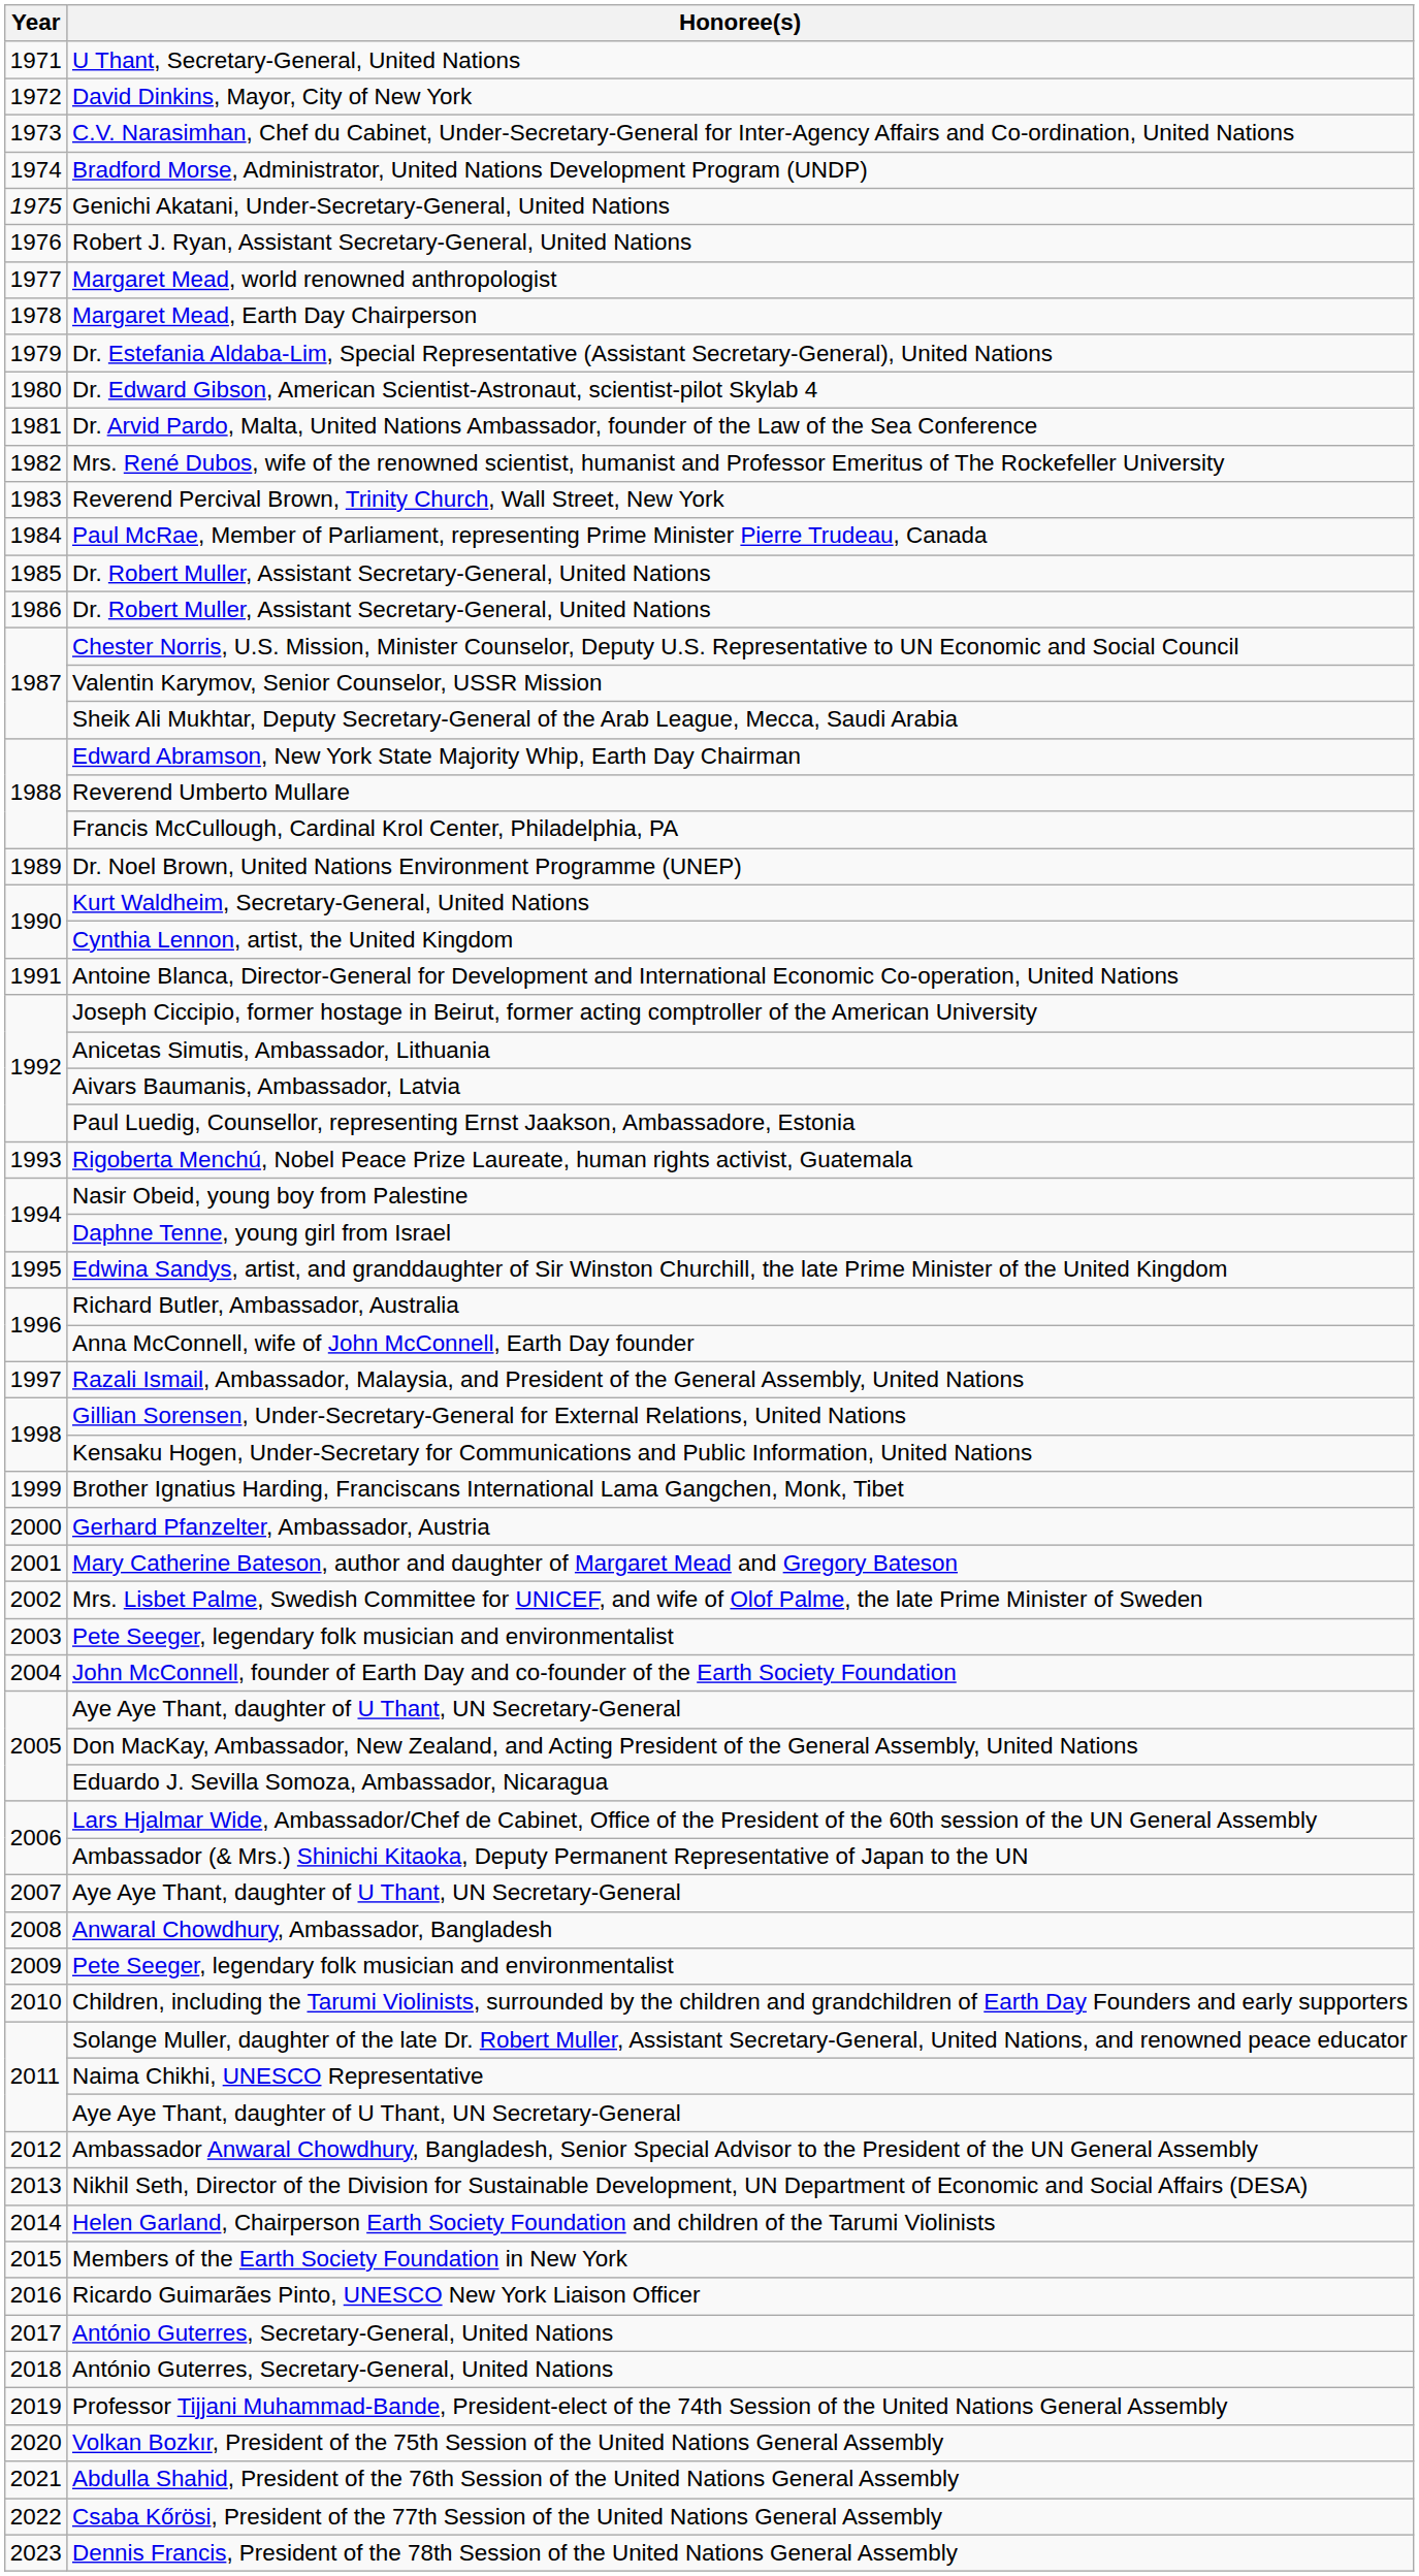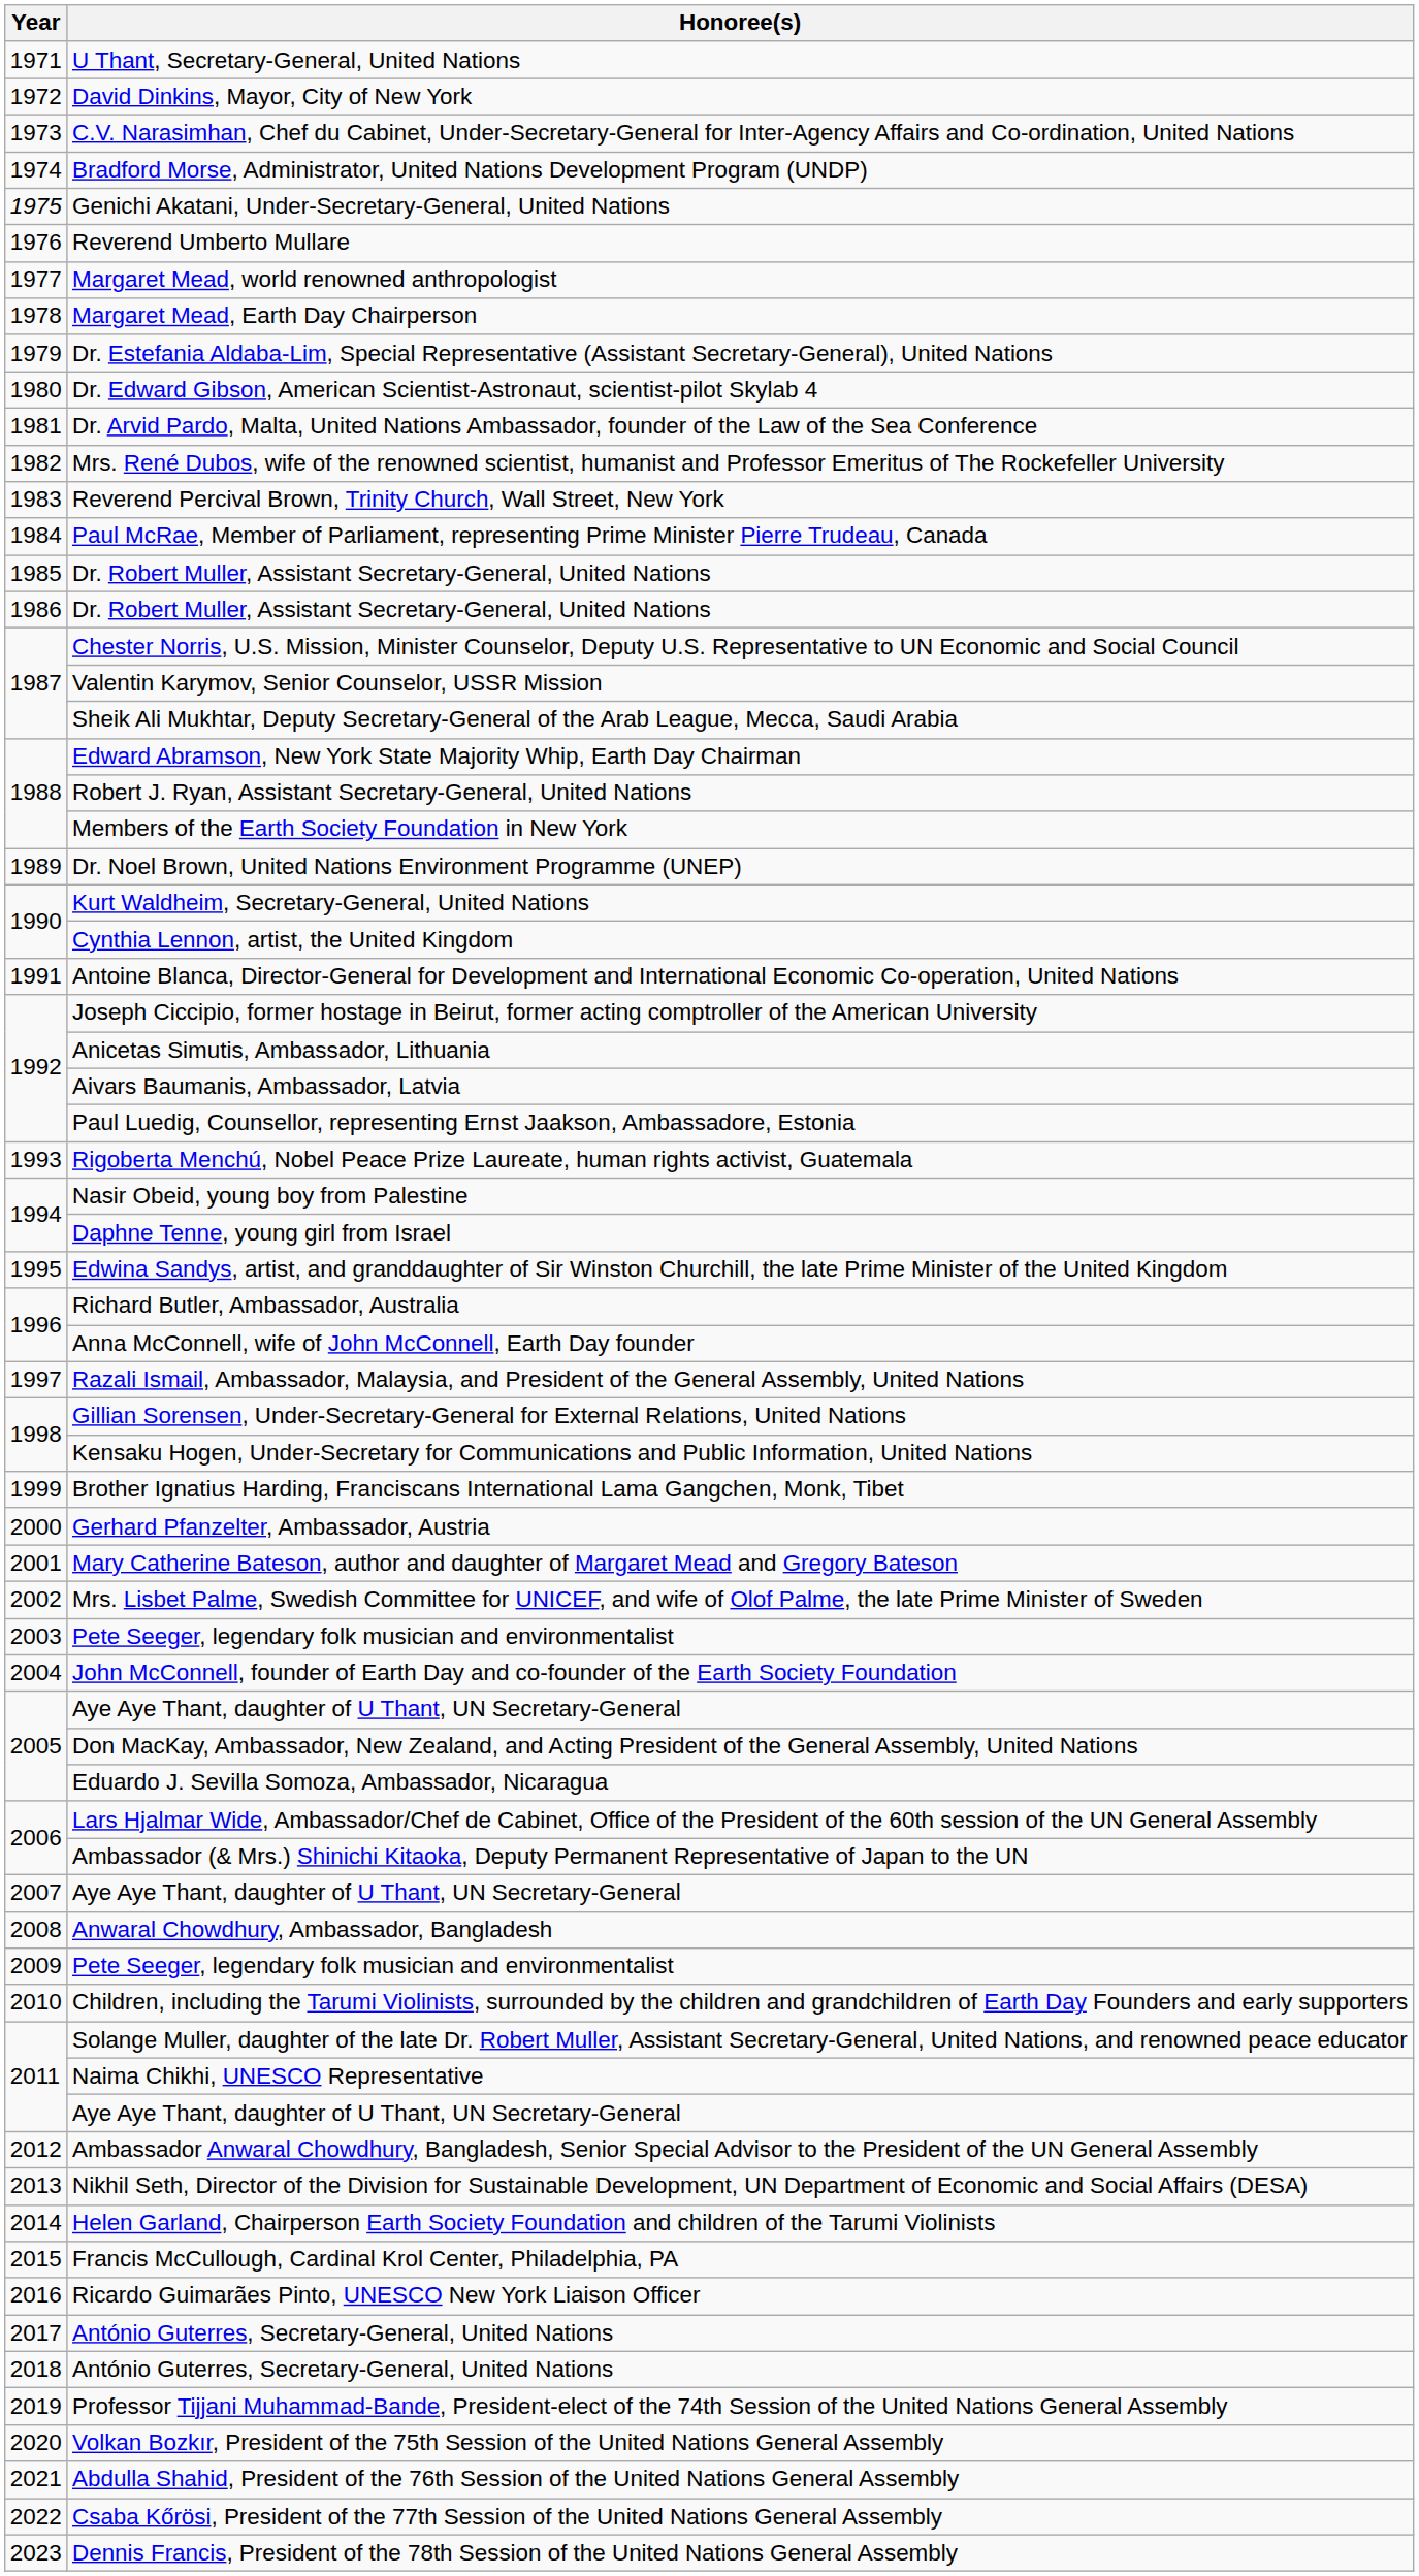 <table class="wikitable">
 <tr>
 <th>Year</th>
 <th>Honoree(s)</th>
 </tr>
 <tr>
 <td>1971</td>
 <td><a href='#'>U Thant</a>, Secretary-General, United Nations</td>
 </tr>
 <tr>
 <td>1972</td>
 <td><a href='#'>David Dinkins</a>, Mayor, City of New York</td>
 </tr>
 <tr>
 <td>1973</td>
 <td><a href='#'>C.V. Narasimhan</a>, Chef du Cabinet, Under-Secretary-General for Inter-Agency Affairs and Co-ordination, United Nations</td>
 </tr>
 <tr>
 <td>1974</td>
 <td><a href='#'>Bradford Morse</a>, Administrator, United Nations Development Program (UNDP)</td>
 </tr>
 <tr>
 <td><em>1975</em></td>
 <td>Genichi Akatani, Under-Secretary-General, United Nations</td>
 </tr>
 <tr>
 <td>1976</td>
-<td>Robert J. Ryan, Assistant Secretary-General, United Nations</td>
+<td>Reverend Umberto Mullare</td>
 </tr>
 <tr>
 <td>1977</td>
 <td><a href='#'>Margaret Mead</a>, world renowned anthropologist</td>
 </tr>
 <tr>
 <td>1978</td>
 <td><a href='#'>Margaret Mead</a>, Earth Day Chairperson</td>
 </tr>
 <tr>
 <td>1979</td>
 <td>Dr. <a href='#'>Estefania Aldaba-Lim</a>, Special Representative (Assistant Secretary-General), United Nations</td>
 </tr>
 <tr>
 <td>1980</td>
 <td>Dr. <a href='#'>Edward Gibson</a>, American Scientist-Astronaut, scientist-pilot Skylab 4</td>
 </tr>
 <tr>
 <td>1981</td>
 <td>Dr. <a href='#'>Arvid Pardo</a>, Malta, United Nations Ambassador, founder of the Law of the Sea Conference</td>
 </tr>
 <tr>
 <td>1982</td>
 <td>Mrs. <a href='#'>René Dubos</a>, wife of the renowned scientist, humanist and Professor Emeritus of The Rockefeller University</td>
 </tr>
 <tr>
 <td>1983</td>
 <td>Reverend Percival Brown, <a href='#'>Trinity Church</a>, Wall Street, New York</td>
 </tr>
 <tr>
 <td>1984</td>
 <td><a href='#'>Paul McRae</a>, Member of Parliament, representing Prime Minister <a href='#'>Pierre Trudeau</a>, Canada</td>
 </tr>
 <tr>
 <td>1985</td>
 <td>Dr. <a href='#'>Robert Muller</a>, Assistant Secretary-General, United Nations</td>
 </tr>
 <tr>
 <td>1986</td>
 <td>Dr. <a href='#'>Robert Muller</a>, Assistant Secretary-General, United Nations</td>
 </tr>
 <tr>
 <td rowspan="3">1987</td>
 <td><a href='#'>Chester Norris</a>, U.S. Mission, Minister Counselor, Deputy U.S. Representative to UN Economic and Social Council</td>
 </tr>
 <tr>
 <td>Valentin Karymov, Senior Counselor, USSR Mission</td>
 </tr>
 <tr>
 <td>Sheik Ali Mukhtar, Deputy Secretary-General of the Arab League, Mecca, Saudi Arabia</td>
 </tr>
 <tr>
 <td rowspan="3">1988</td>
 <td><a href='#'>Edward Abramson</a>, New York State Majority Whip, Earth Day Chairman</td>
 </tr>
 <tr>
-<td>Reverend Umberto Mullare</td>
+<td>Robert J. Ryan, Assistant Secretary-General, United Nations</td>
 </tr>
 <tr>
-<td>Francis McCullough, Cardinal Krol Center, Philadelphia, PA</td>
+<td>Members of the <a href='#'>Earth Society Foundation</a> in New York</td>
 </tr>
 <tr>
 <td>1989</td>
 <td>Dr. Noel Brown, United Nations Environment Programme (UNEP)</td>
 </tr>
 <tr>
 <td rowspan="2">1990</td>
 <td><a href='#'>Kurt Waldheim</a>, Secretary-General, United Nations</td>
 </tr>
 <tr>
 <td><a href='#'>Cynthia Lennon</a>, artist, the United Kingdom</td>
 </tr>
 <tr>
 <td>1991</td>
 <td>Antoine Blanca, Director-General for Development and International Economic Co-operation, United Nations</td>
 </tr>
 <tr>
 <td rowspan="4">1992</td>
 <td>Joseph Ciccipio, former hostage in Beirut, former acting comptroller of the American University</td>
 </tr>
 <tr>
 <td>Anicetas Simutis, Ambassador, Lithuania</td>
 </tr>
 <tr>
 <td>Aivars Baumanis, Ambassador, Latvia</td>
 </tr>
 <tr>
 <td>Paul Luedig, Counsellor, representing Ernst Jaakson, Ambassadore, Estonia</td>
 </tr>
 <tr>
 <td>1993</td>
 <td><a href='#'>Rigoberta Menchú</a>, Nobel Peace Prize Laureate, human rights activist, Guatemala</td>
 </tr>
 <tr>
 <td rowspan="2">1994</td>
 <td>Nasir Obeid, young boy from Palestine</td>
 </tr>
 <tr>
 <td><a href='#'>Daphne Tenne</a>, young girl from Israel</td>
 </tr>
 <tr>
 <td>1995</td>
 <td><a href='#'>Edwina Sandys</a>, artist, and granddaughter of Sir Winston Churchill, the late Prime Minister of the United Kingdom</td>
 </tr>
 <tr>
 <td rowspan="2">1996</td>
 <td>Richard Butler, Ambassador, Australia</td>
 </tr>
 <tr>
 <td>Anna McConnell, wife of <a href='#'>John McConnell</a>, Earth Day founder</td>
 </tr>
 <tr>
 <td>1997</td>
 <td><a href='#'>Razali Ismail</a>, Ambassador, Malaysia, and President of the General Assembly, United Nations</td>
 </tr>
 <tr>
 <td rowspan="2">1998</td>
 <td><a href='#'>Gillian Sorensen</a>, Under-Secretary-General for External Relations, United Nations</td>
 </tr>
 <tr>
 <td>Kensaku Hogen, Under-Secretary for Communications and Public Information, United Nations</td>
 </tr>
 <tr>
 <td>1999</td>
 <td>Brother Ignatius Harding, Franciscans International Lama Gangchen, Monk, Tibet</td>
 </tr>
 <tr>
 <td>2000</td>
 <td><a href='#'>Gerhard Pfanzelter</a>, Ambassador, Austria</td>
 </tr>
 <tr>
 <td>2001</td>
 <td><a href='#'>Mary Catherine Bateson</a>, author and daughter of <a href='#'>Margaret Mead</a> and <a href='#'>Gregory Bateson</a></td>
 </tr>
 <tr>
 <td>2002</td>
 <td>Mrs. <a href='#'>Lisbet Palme</a>, Swedish Committee for <a href='#'>UNICEF</a>, and wife of <a href='#'>Olof Palme</a>, the late Prime Minister of Sweden</td>
 </tr>
 <tr>
 <td>2003</td>
 <td><a href='#'>Pete Seeger</a>, legendary folk musician and environmentalist</td>
 </tr>
 <tr>
 <td>2004</td>
 <td><a href='#'>John McConnell</a>, founder of Earth Day and co-founder of the <a href='#'>Earth Society Foundation</a></td>
 </tr>
 <tr>
 <td rowspan="3">2005</td>
 <td>Aye Aye Thant, daughter of <a href='#'>U Thant</a>, UN Secretary-General</td>
 </tr>
 <tr>
 <td>Don MacKay, Ambassador, New Zealand, and Acting President of the General Assembly, United Nations</td>
 </tr>
 <tr>
 <td>Eduardo J. Sevilla Somoza, Ambassador, Nicaragua</td>
 </tr>
 <tr>
 <td rowspan="2">2006</td>
 <td><a href='#'>Lars Hjalmar Wide</a>, Ambassador/Chef de Cabinet, Office of the President of the 60th session of the UN General Assembly</td>
 </tr>
 <tr>
 <td>Ambassador (& Mrs.) <a href='#'>Shinichi Kitaoka</a>, Deputy Permanent Representative of Japan to the UN</td>
 </tr>
 <tr>
 <td>2007</td>
 <td>Aye Aye Thant, daughter of <a href='#'>U Thant</a>, UN Secretary-General</td>
 </tr>
 <tr>
 <td>2008</td>
 <td><a href='#'>Anwaral Chowdhury</a>, Ambassador, Bangladesh</td>
 </tr>
 <tr>
 <td>2009</td>
 <td><a href='#'>Pete Seeger</a>, legendary folk musician and environmentalist</td>
 </tr>
 <tr>
 <td>2010</td>
 <td>Children, including the <a href='#'>Tarumi Violinists</a>, surrounded by the children and grandchildren of <a href='#'>Earth Day</a> Founders and early supporters</td>
 </tr>
 <tr>
 <td rowspan="3">2011</td>
 <td>Solange Muller, daughter of the late Dr. <a href='#'>Robert Muller</a>, Assistant Secretary-General, United Nations, and renowned peace educator</td>
 </tr>
 <tr>
 <td>Naima Chikhi, <a href='#'>UNESCO</a> Representative</td>
 </tr>
 <tr>
 <td>Aye Aye Thant, daughter of U Thant, UN Secretary-General</td>
 </tr>
 <tr>
 <td>2012</td>
 <td>Ambassador <a href='#'>Anwaral Chowdhury</a>, Bangladesh, Senior Special Advisor to the President of the UN General Assembly</td>
 </tr>
 <tr>
 <td>2013</td>
 <td>Nikhil Seth, Director of the Division for Sustainable Development, UN Department of Economic and Social Affairs (DESA)</td>
 </tr>
 <tr>
 <td>2014</td>
 <td><a href='#'>Helen Garland</a>, Chairperson <a href='#'>Earth Society Foundation</a> and children of the Tarumi Violinists</td>
 </tr>
 <tr>
 <td>2015</td>
-<td>Members of the <a href='#'>Earth Society Foundation</a> in New York</td>
+<td>Francis McCullough, Cardinal Krol Center, Philadelphia, PA</td>
 </tr>
 <tr>
 <td>2016</td>
 <td>Ricardo Guimarães Pinto, <a href='#'>UNESCO</a> New York Liaison Officer</td>
 </tr>
 <tr>
 <td>2017</td>
 <td><a href='#'>António Guterres</a>, Secretary-General, United Nations</td>
 </tr>
 <tr>
 <td>2018</td>
 <td>António Guterres, Secretary-General, United Nations</td>
 </tr>
 <tr>
 <td>2019</td>
 <td>Professor <a href='#'>Tijjani Muhammad-Bande</a>, President-elect of the 74th Session of the United Nations General Assembly</td>
 </tr>
 <tr>
 <td>2020</td>
 <td><a href='#'>Volkan Bozkır</a>, President of the 75th Session of the United Nations General Assembly</td>
 </tr>
 <tr>
 <td>2021</td>
 <td><a href='#'>Abdulla Shahid</a>, President of the 76th Session of the United Nations General Assembly</td>
 </tr>
 <tr>
 <td>2022</td>
 <td><a href='#'>Csaba Kőrösi</a>, President of the 77th Session of the United Nations General Assembly</td>
 </tr>
 <tr>
 <td>2023</td>
 <td><a href='#'>Dennis Francis</a>, President of the 78th Session of the United Nations General Assembly</td>
 </tr>
 </table>
